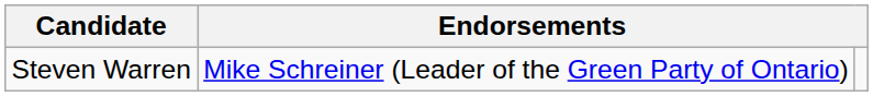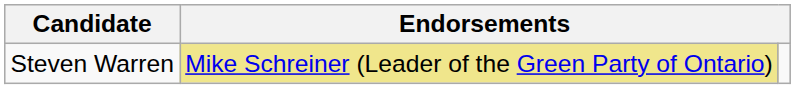 <table class="wikitable">
 <tr>
 <th colspan="1" align="center">Candidate</th>
 <th colspan="2" align="center">Endorsements</th>
 </tr>
 <tr>
 <td style="text-align:left;">Steven Warren</td>
-<td><a href='#'>Mike Schreiner</a> (Leader of the <a href='#'>Green Party of Ontario</a>)</td>
+<td style="background: khaki;"><a href='#'>Mike Schreiner</a> (Leader of the <a href='#'>Green Party of Ontario</a>)</td>
 <td></td>
 </tr>
 </table>
